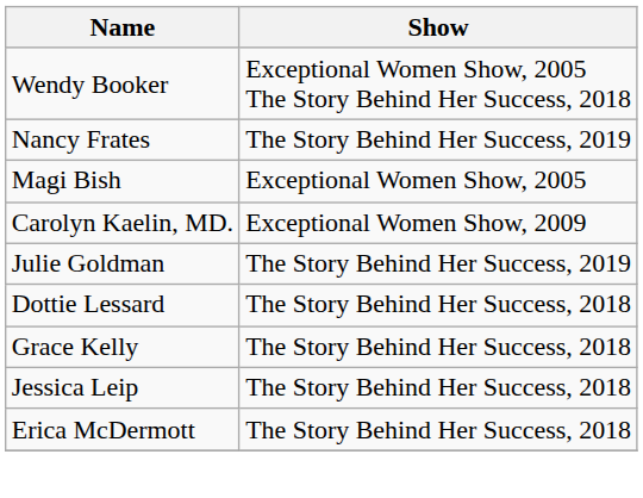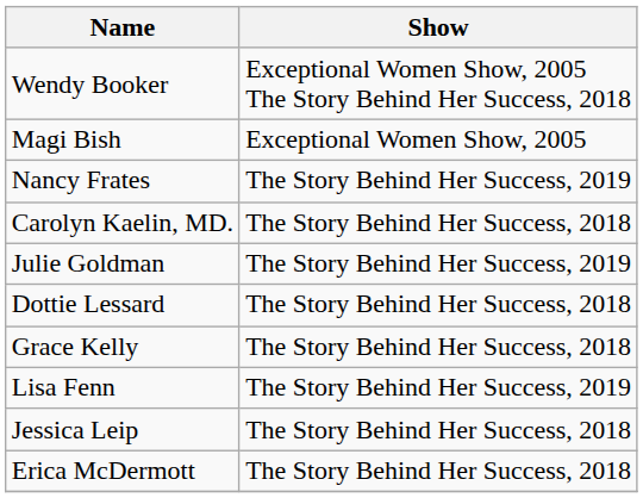 <table class="wikitable" style="display: inline-table;" border-"1;">
 <tr>
 <th>Name</th>
 <th>Show</th>
 </tr>
 <tr>
 <td>Wendy Booker</td>
 <td>Exceptional Women Show, 2005<br>The Story Behind Her Success, 2018</td>
 </tr>
 <tr>
+<td>Magi Bish</td>
+<td>Exceptional Women Show, 2005</td>
+</tr>
+<tr>
 <td>Nancy Frates</td>
 <td>The Story Behind Her Success, 2019</td>
 </tr>
 <tr>
-<td>Magi Bish</td>
-<td>Exceptional Women Show, 2005</td>
-</tr>
-<tr>
 <td>Carolyn Kaelin, MD.</td>
-<td>Exceptional Women Show, 2009</td>
+<td>The Story Behind Her Success, 2018</td>
 </tr>
 <tr>
 <td>Julie Goldman</td>
 <td>The Story Behind Her Success, 2019</td>
 </tr>
 <tr>
 <td>Dottie Lessard</td>
 <td>The Story Behind Her Success, 2018</td>
 </tr>
 <tr>
 <td>Grace Kelly</td>
 <td>The Story Behind Her Success, 2018</td>
 </tr>
 <tr>
+<td>Lisa Fenn</td>
+<td>The Story Behind Her Success, 2019</td>
+</tr>
+<tr>
 <td>Jessica Leip</td>
 <td>The Story Behind Her Success, 2018</td>
 </tr>
 <tr>
 <td>Erica McDermott</td>
 <td>The Story Behind Her Success, 2018</td>
 </tr>
 <tr>
 </tr>
 </table>
